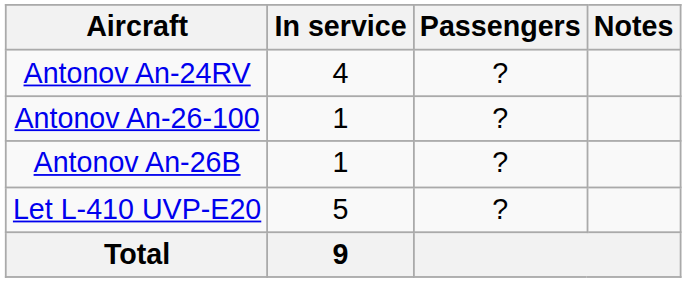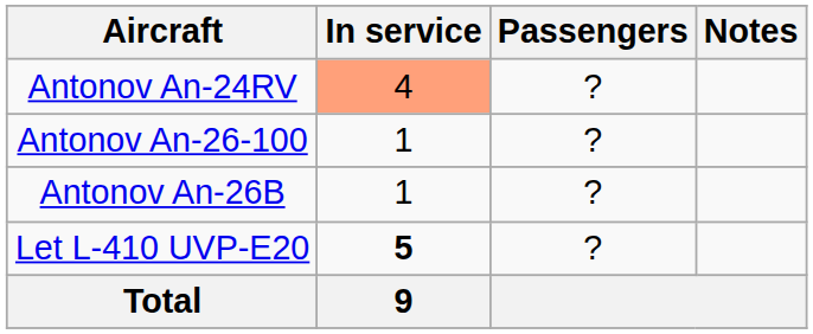 <table class="wikitable" style="text-align:center; margin:1em auto;">
 <tr>
 <th>Aircraft</th>
 <th>In service</th>
 <th>Passengers</th>
 <th>Notes</th>
 </tr>
 <tr>
 <td><a href='#'>Antonov An-24RV</a></td>
-<td>4</td>
+<td style="background: lightsalmon;">4</td>
 <td>?</td>
 <td></td>
 </tr>
 <tr>
 <td><a href='#'>Antonov An-26-100</a></td>
 <td>1</td>
 <td>?</td>
 <td></td>
 </tr>
 <tr>
 <td><a href='#'>Antonov An-26B</a></td>
 <td>1</td>
 <td>?</td>
 <td></td>
 </tr>
 <tr>
 <td><a href='#'>Let L-410 UVP-E20</a></td>
-<td>5</td>
+<td><strong>5</strong></td>
 <td>?</td>
 <td></td>
 </tr>
 <tr>
 <th>Total</th>
 <th>9</th>
 <th colspan=2></th>
 </tr>
 </table>
